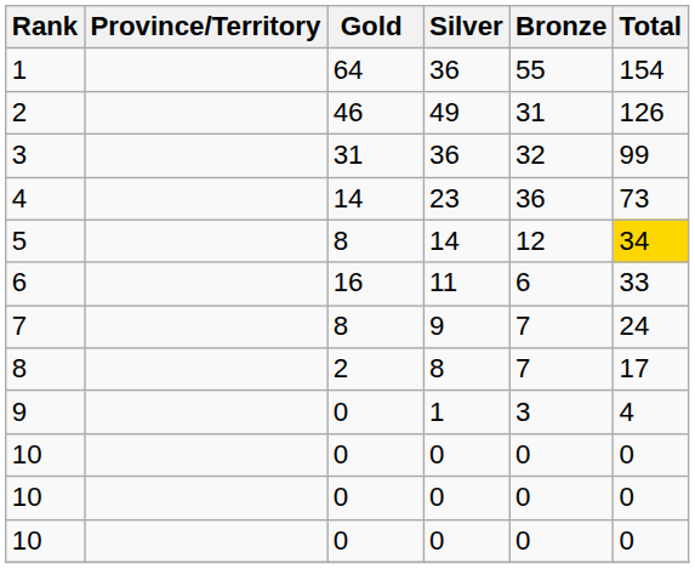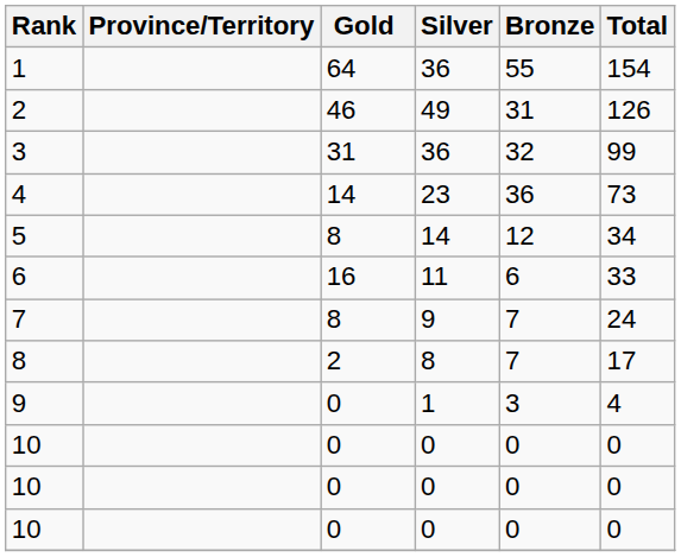 <table class="wikitable">
 <tr>
 <th><strong>Rank</strong></th>
 <th><strong>Province/Territory</strong></th>
 <th bgcolor="gold"><strong> Gold  </strong></th>
 <th bgcolor="silver"><strong>Silver</strong></th>
 <th bgcolor="CC9966"><strong>Bronze</strong></th>
 <th><strong>Total</strong></th>
 </tr>
 <tr>
 <td>1</td>
 <td></td>
 <td>64</td>
 <td>36</td>
 <td>55</td>
 <td>154</td>
 </tr>
 <tr>
 <td>2</td>
 <td></td>
 <td>46</td>
 <td>49</td>
 <td>31</td>
 <td>126</td>
 </tr>
 <tr>
 <td>3</td>
 <td></td>
 <td>31</td>
 <td>36</td>
 <td>32</td>
 <td>99</td>
 </tr>
 <tr>
 <td>4</td>
 <td></td>
 <td>14</td>
 <td>23</td>
 <td>36</td>
 <td>73</td>
 </tr>
 <tr>
 <td>5</td>
 <td></td>
 <td>8</td>
 <td>14</td>
 <td>12</td>
-<td style="background: gold;">34</td>
+<td>34</td>
 </tr>
 <tr>
 <td>6</td>
 <td></td>
 <td>16</td>
 <td>11</td>
 <td>6</td>
 <td>33</td>
 </tr>
 <tr>
 <td>7</td>
 <td><strong></strong></td>
 <td>8</td>
 <td>9</td>
 <td>7</td>
 <td>24</td>
 </tr>
 <tr>
 <td>8</td>
 <td></td>
 <td>2</td>
 <td>8</td>
 <td>7</td>
 <td>17</td>
 </tr>
 <tr>
 <td>9</td>
 <td></td>
 <td>0</td>
 <td>1</td>
 <td>3</td>
 <td>4</td>
 </tr>
 <tr>
 <td>10</td>
 <td></td>
 <td>0</td>
 <td>0</td>
 <td>0</td>
 <td>0</td>
 </tr>
 <tr>
 <td>10</td>
 <td></td>
 <td>0</td>
 <td>0</td>
 <td>0</td>
 <td>0</td>
 </tr>
 <tr>
 <td>10</td>
 <td></td>
 <td>0</td>
 <td>0</td>
 <td>0</td>
 <td>0</td>
 </tr>
 <tr>
 </tr>
 </table>
